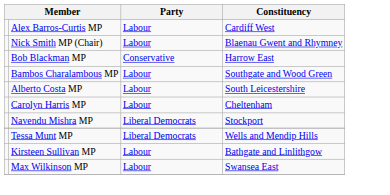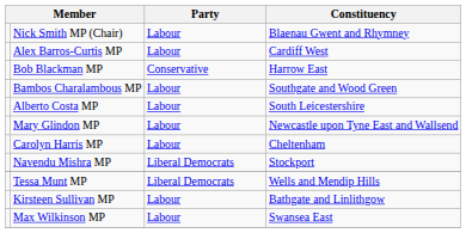 <table class="wikitable">
 <tr>
 <th width="160px" colspan="2" valign="top">Member</th>
 <th width="160px" valign="top">Party</th>
 <th valign="top">Constituency</th>
 </tr>
 <tr>
 <td style="color:inherit;background:"></td>
+<td><a href='#'>Nick Smith</a> MP (Chair)</td>
+<td><a href='#'>Labour</a></td>
+<td><a href='#'>Blaenau Gwent and Rhymney</a></td>
+</tr>
+<tr>
+<td style="color:inherit;background:"></td>
 <td><a href='#'>Alex Barros-Curtis</a> MP</td>
 <td><a href='#'>Labour</a></td>
 <td><a href='#'>Cardiff West</a></td>
-</tr>
-<tr>
-<td style="color:inherit;background:"></td>
-<td><a href='#'>Nick Smith</a> MP (Chair)</td>
-<td><a href='#'>Labour</a></td>
-<td><a href='#'>Blaenau Gwent and Rhymney</a></td>
 </tr>
 <tr>
 <td style="color:inherit;background:"></td>
 <td><a href='#'>Bob Blackman</a> MP</td>
 <td><a href='#'>Conservative</a></td>
 <td><a href='#'>Harrow East</a></td>
 </tr>
 <tr>
 <td style="color:inherit;background:"></td>
 <td><a href='#'>Bambos Charalambous</a> MP</td>
 <td><a href='#'>Labour</a></td>
 <td><a href='#'>Southgate and Wood Green</a></td>
 </tr>
 <tr>
 <td style="color:inherit;background:"></td>
 <td><a href='#'>Alberto Costa</a> MP</td>
 <td><a href='#'>Labour</a></td>
 <td><a href='#'>South Leicestershire</a></td>
+</tr>
+<tr>
+<td style="color:inherit;background:"></td>
+<td><a href='#'>Mary Glindon</a> MP</td>
+<td><a href='#'>Labour</a></td>
+<td><a href='#'>Newcastle upon Tyne East and Wallsend</a></td>
 </tr>
 <tr>
 <td style="color:inherit;background:"></td>
 <td><a href='#'>Carolyn Harris</a> MP</td>
 <td><a href='#'>Labour</a></td>
 <td><a href='#'>Cheltenham</a></td>
 </tr>
 <tr>
 <td style="color:inherit;background:"></td>
 <td><a href='#'>Navendu Mishra</a> MP</td>
 <td><a href='#'>Liberal Democrats</a></td>
 <td><a href='#'>Stockport</a></td>
 </tr>
 <tr>
 </tr>
 <tr>
 <td style="color:inherit;background:"></td>
 <td><a href='#'>Tessa Munt</a> MP</td>
 <td><a href='#'>Liberal Democrats</a></td>
 <td><a href='#'>Wells and Mendip Hills</a></td>
 </tr>
 <tr>
 <td style="color:inherit;background:"></td>
 <td><a href='#'>Kirsteen Sullivan</a> MP</td>
 <td><a href='#'>Labour</a></td>
 <td><a href='#'>Bathgate and Linlithgow</a></td>
 </tr>
 <tr>
 <td style="color:inherit;background:"></td>
 <td><a href='#'>Max Wilkinson</a> MP</td>
 <td><a href='#'>Labour</a></td>
 <td><a href='#'>Swansea East</a></td>
 </tr>
 <tr>
 </tr>
 </table>
